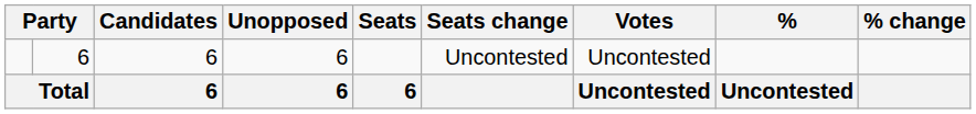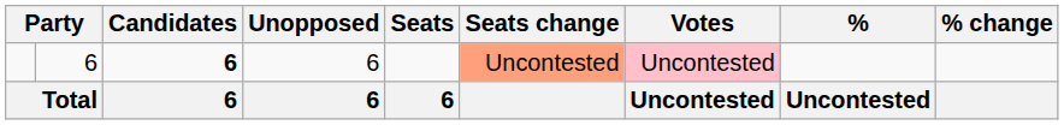 <table class="wikitable">
 <tr>
 <th colspan=2>Party</th>
 <th>Candidates</th>
 <th>Unopposed</th>
 <th>Seats</th>
 <th>Seats change</th>
 <th>Votes</th>
 <th>%</th>
 <th>% change</th>
 </tr>
 <tr>
 <td></td>
 <td align=right>6</td>
-<td align=right>6</td>
+<td align=right><strong>6</strong></td>
 <td align=right>6</td>
 <td align=right></td>
-<td align=right>Uncontested</td>
-<td align=right>Uncontested</td>
+<td align=right style="background: lightsalmon;">Uncontested</td>
+<td align=right style="background: pink;">Uncontested</td>
 <td align=right></td>
 </tr>
 <tr class="sortbottom" style="font-weight: bold; text-align: right; background: #f2f2f2;">
 <th colspan="2" style="padding-left: 1.5em; text-align: left;">Total</th>
 <td align=right>6</td>
 <td align=right>6</td>
 <td align=right>6</td>
 <td align=right></td>
 <td align=right>Uncontested</td>
 <td align=right>Uncontested</td>
 <td align=right></td>
 </tr>
 </table>
